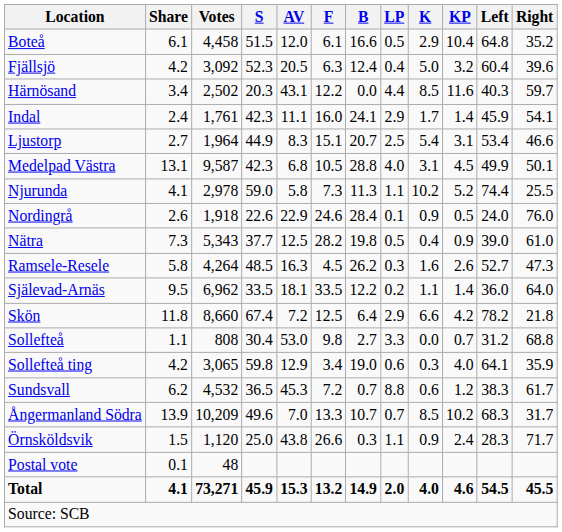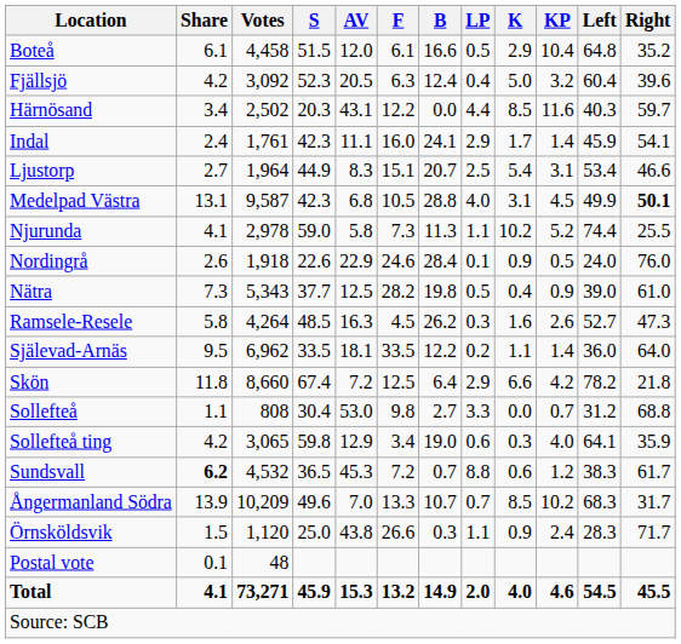 <table class="wikitable sortable" style=text-align:right>
 <tr>
 <th>Location</th>
 <th>Share</th>
 <th>Votes</th>
 <th><a href='#'>S</a></th>
 <th><a href='#'>AV</a></th>
 <th><a href='#'>F</a></th>
 <th><a href='#'>B</a></th>
 <th><a href='#'>LP</a></th>
 <th><a href='#'>K</a></th>
 <th><a href='#'>KP</a></th>
 <th>Left</th>
 <th>Right</th>
 </tr>
 <tr>
 <td align=left><a href='#'>Boteå</a></td>
 <td>6.1</td>
 <td>4,458</td>
 <td>51.5</td>
 <td>12.0</td>
 <td>6.1</td>
 <td>16.6</td>
 <td>0.5</td>
 <td>2.9</td>
 <td>10.4</td>
 <td>64.8</td>
 <td>35.2</td>
 </tr>
 <tr>
 <td align=left><a href='#'>Fjällsjö</a></td>
 <td>4.2</td>
 <td>3,092</td>
 <td>52.3</td>
 <td>20.5</td>
 <td>6.3</td>
 <td>12.4</td>
 <td>0.4</td>
 <td>5.0</td>
 <td>3.2</td>
 <td>60.4</td>
 <td>39.6</td>
 </tr>
 <tr>
 <td align=left><a href='#'>Härnösand</a></td>
 <td>3.4</td>
 <td>2,502</td>
 <td>20.3</td>
 <td>43.1</td>
 <td>12.2</td>
 <td>0.0</td>
 <td>4.4</td>
 <td>8.5</td>
 <td>11.6</td>
 <td>40.3</td>
 <td>59.7</td>
 </tr>
 <tr>
 <td align=left><a href='#'>Indal</a></td>
 <td>2.4</td>
 <td>1,761</td>
 <td>42.3</td>
 <td>11.1</td>
 <td>16.0</td>
 <td>24.1</td>
 <td>2.9</td>
 <td>1.7</td>
 <td>1.4</td>
 <td>45.9</td>
 <td>54.1</td>
 </tr>
 <tr>
 <td align=left><a href='#'>Ljustorp</a></td>
 <td>2.7</td>
 <td>1,964</td>
 <td>44.9</td>
 <td>8.3</td>
 <td>15.1</td>
 <td>20.7</td>
 <td>2.5</td>
 <td>5.4</td>
 <td>3.1</td>
 <td>53.4</td>
 <td>46.6</td>
 </tr>
 <tr>
 <td align=left><a href='#'>Medelpad Västra</a></td>
 <td>13.1</td>
 <td>9,587</td>
 <td>42.3</td>
 <td>6.8</td>
 <td>10.5</td>
 <td>28.8</td>
 <td>4.0</td>
 <td>3.1</td>
 <td>4.5</td>
 <td>49.9</td>
-<td>50.1</td>
+<td><strong>50.1</strong></td>
 </tr>
 <tr>
 <td align=left><a href='#'>Njurunda</a></td>
 <td>4.1</td>
 <td>2,978</td>
 <td>59.0</td>
 <td>5.8</td>
 <td>7.3</td>
 <td>11.3</td>
 <td>1.1</td>
 <td>10.2</td>
 <td>5.2</td>
 <td>74.4</td>
 <td>25.5</td>
 </tr>
 <tr>
 <td align=left><a href='#'>Nordingrå</a></td>
 <td>2.6</td>
 <td>1,918</td>
 <td>22.6</td>
 <td>22.9</td>
 <td>24.6</td>
 <td>28.4</td>
 <td>0.1</td>
 <td>0.9</td>
 <td>0.5</td>
 <td>24.0</td>
 <td>76.0</td>
 </tr>
 <tr>
 <td align=left><a href='#'>Nätra</a></td>
 <td>7.3</td>
 <td>5,343</td>
 <td>37.7</td>
 <td>12.5</td>
 <td>28.2</td>
 <td>19.8</td>
 <td>0.5</td>
 <td>0.4</td>
 <td>0.9</td>
 <td>39.0</td>
 <td>61.0</td>
 </tr>
 <tr>
 <td align=left><a href='#'>Ramsele-Resele</a></td>
 <td>5.8</td>
 <td>4,264</td>
 <td>48.5</td>
 <td>16.3</td>
 <td>4.5</td>
 <td>26.2</td>
 <td>0.3</td>
 <td>1.6</td>
 <td>2.6</td>
 <td>52.7</td>
 <td>47.3</td>
 </tr>
 <tr>
 <td align=left><a href='#'>Själevad-Arnäs</a></td>
 <td>9.5</td>
 <td>6,962</td>
 <td>33.5</td>
 <td>18.1</td>
 <td>33.5</td>
 <td>12.2</td>
 <td>0.2</td>
 <td>1.1</td>
 <td>1.4</td>
 <td>36.0</td>
 <td>64.0</td>
 </tr>
 <tr>
 <td align=left><a href='#'>Skön</a></td>
 <td>11.8</td>
 <td>8,660</td>
 <td>67.4</td>
 <td>7.2</td>
 <td>12.5</td>
 <td>6.4</td>
 <td>2.9</td>
 <td>6.6</td>
 <td>4.2</td>
 <td>78.2</td>
 <td>21.8</td>
 </tr>
 <tr>
 <td align=left><a href='#'>Sollefteå</a></td>
 <td>1.1</td>
 <td>808</td>
 <td>30.4</td>
 <td>53.0</td>
 <td>9.8</td>
 <td>2.7</td>
 <td>3.3</td>
 <td>0.0</td>
 <td>0.7</td>
 <td>31.2</td>
 <td>68.8</td>
 </tr>
 <tr>
 <td align=left><a href='#'>Sollefteå ting</a></td>
 <td>4.2</td>
 <td>3,065</td>
 <td>59.8</td>
 <td>12.9</td>
 <td>3.4</td>
 <td>19.0</td>
 <td>0.6</td>
 <td>0.3</td>
 <td>4.0</td>
 <td>64.1</td>
 <td>35.9</td>
 </tr>
 <tr>
 <td align=left><a href='#'>Sundsvall</a></td>
-<td>6.2</td>
+<td><strong>6.2</strong></td>
 <td>4,532</td>
 <td>36.5</td>
 <td>45.3</td>
 <td>7.2</td>
 <td>0.7</td>
 <td>8.8</td>
 <td>0.6</td>
 <td>1.2</td>
 <td>38.3</td>
 <td>61.7</td>
 </tr>
 <tr>
 <td align=left><a href='#'>Ångermanland Södra</a></td>
 <td>13.9</td>
 <td>10,209</td>
 <td>49.6</td>
 <td>7.0</td>
 <td>13.3</td>
 <td>10.7</td>
 <td>0.7</td>
 <td>8.5</td>
 <td>10.2</td>
 <td>68.3</td>
 <td>31.7</td>
 </tr>
 <tr>
 <td align=left><a href='#'>Örnsköldsvik</a></td>
 <td>1.5</td>
 <td>1,120</td>
 <td>25.0</td>
 <td>43.8</td>
 <td>26.6</td>
 <td>0.3</td>
 <td>1.1</td>
 <td>0.9</td>
 <td>2.4</td>
 <td>28.3</td>
 <td>71.7</td>
 </tr>
 <tr>
 <td align=left><a href='#'>Postal vote</a></td>
 <td>0.1</td>
 <td>48</td>
 <td></td>
 <td></td>
 <td></td>
 <td></td>
 <td></td>
 <td></td>
 <td></td>
 <td></td>
 <td></td>
 </tr>
 <tr>
 <td align=left><strong>Total</strong></td>
 <td><strong>4.1</strong></td>
 <td><strong>73,271</strong></td>
 <td><strong>45.9</strong></td>
 <td><strong>15.3</strong></td>
 <td><strong>13.2</strong></td>
 <td><strong>14.9</strong></td>
 <td><strong>2.0</strong></td>
 <td><strong>4.0</strong></td>
 <td><strong>4.6</strong></td>
 <td><strong>54.5</strong></td>
 <td><strong>45.5</strong></td>
 </tr>
 <tr>
 <td align=left colspan=12>Source: SCB </td>
 </tr>
 </table>
